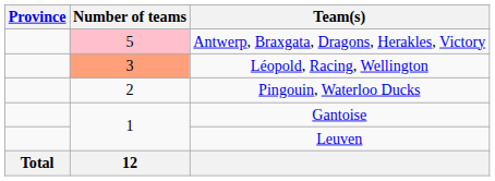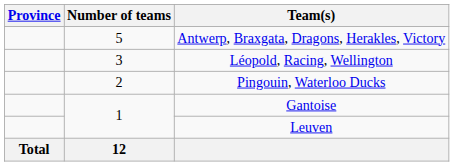 <table class="wikitable" style="text-align:center">
 <tr>
 <th><a href='#'>Province</a></th>
 <th>Number of teams</th>
 <th>Team(s)</th>
 </tr>
 <tr>
 <td align="left"></td>
-<td style="background: pink;">5</td>
+<td>5</td>
 <td><a href='#'>Antwerp</a>, <a href='#'>Braxgata</a>, <a href='#'>Dragons</a>, <a href='#'>Herakles</a>, <a href='#'>Victory</a></td>
 </tr>
 <tr>
 <td align="left"></td>
-<td style="background: lightsalmon;">3</td>
+<td>3</td>
 <td><a href='#'>Léopold</a>, <a href='#'>Racing</a>, <a href='#'>Wellington</a></td>
 </tr>
 <tr>
 <td align=left></td>
 <td>2</td>
 <td><a href='#'>Pingouin</a>, <a href='#'>Waterloo Ducks</a></td>
 </tr>
 <tr>
 <td align="left"></td>
 <td rowspan=2>1</td>
 <td><a href='#'>Gantoise</a></td>
 </tr>
 <tr>
 <td align=left></td>
 <td><a href='#'>Leuven</a></td>
 </tr>
 <tr>
 <th>Total</th>
 <th>12</th>
 <th></th>
 </tr>
 </table>
